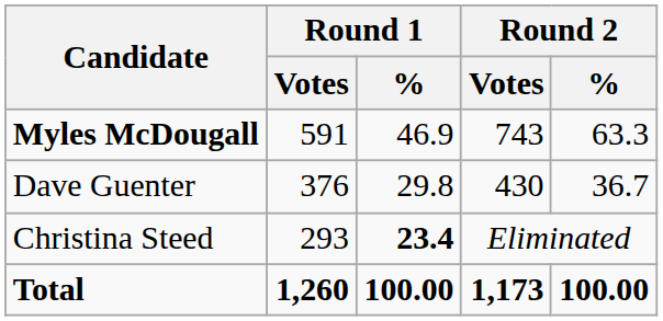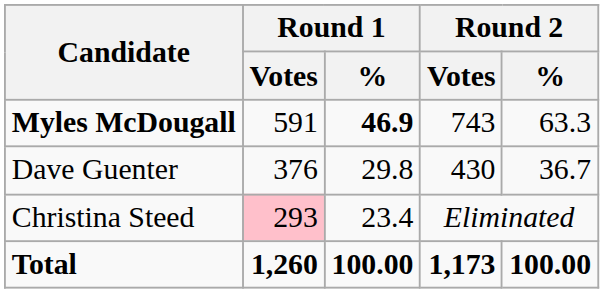 <table class="wikitable">
 <tr>
 <th rowspan=2>Candidate</th>
 <th colspan=2>Round 1</th>
 <th colspan=2>Round 2</th>
 </tr>
 <tr>
 <th>Votes</th>
 <th>%</th>
 <th>Votes</th>
 <th>%</th>
 </tr>
 <tr>
 <td><strong>Myles McDougall</strong></td>
 <td style="text-align:right">591</td>
-<td style="text-align:right">46.9</td>
+<td style="text-align:right"><strong>46.9</strong></td>
 <td style="text-align:right">743</td>
 <td style="text-align:right">63.3</td>
 </tr>
 <tr>
 <td>Dave Guenter</td>
 <td style="text-align:right">376</td>
 <td style="text-align:right">29.8</td>
 <td style="text-align:right">430</td>
 <td style="text-align:right">36.7</td>
 </tr>
 <tr>
 <td>Christina Steed</td>
-<td style="text-align:right">293</td>
-<td style="text-align:right"><strong>23.4</strong></td>
+<td style="background: pink; text-align:right">293</td>
+<td style="text-align:right">23.4</td>
 <td colspan="4" style="text-align:center"><em>Eliminated</em></td>
 </tr>
 <tr>
 <td><strong>Total</strong></td>
 <td style="text-align:right"><strong>1,260</strong></td>
 <td style="text-align:right"><strong>100.00</strong></td>
 <td style="text-align:right"><strong>1,173</strong></td>
 <td style="text-align:right"><strong>100.00</strong></td>
 </tr>
 </table>
